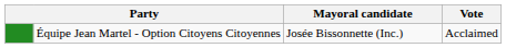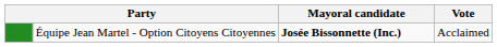 <table class="wikitable">
 <tr>
 <th bgcolor="#DDDDFF" width="230px" colspan="2">Party</th>
 <th bgcolor="#DDDDFF" width="200px">Mayoral candidate</th>
 <th bgcolor="#DDDDFF" width="30px">Vote</th>
 </tr>
 <tr>
 <td bgcolor="#228B22" width="30px"> </td>
 <td>Équipe Jean Martel - Option Citoyens Citoyennes</td>
-<td>Josée Bissonnette (Inc.)</td>
+<td><strong>Josée Bissonnette (Inc.)</strong></td>
 <td>Acclaimed</td>
 </tr>
 </table>
